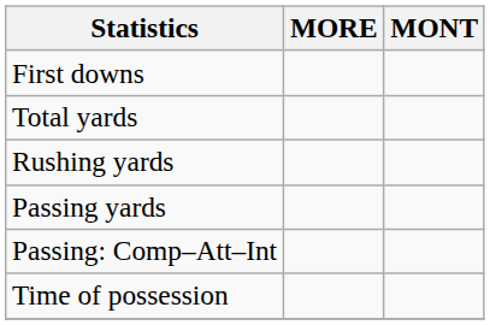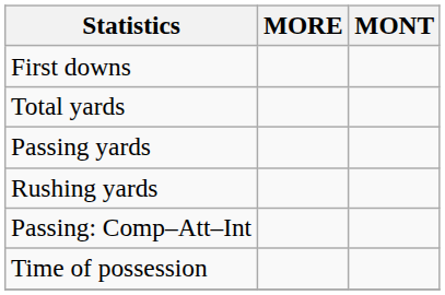 <table class="wikitable" style="float: left;">
 <tr>
 <th>Statistics</th>
 <th>MORE</th>
 <th>MONT</th>
 </tr>
 <tr>
 <td>First downs</td>
 <td></td>
 <td></td>
 </tr>
 <tr>
 <td>Total yards</td>
 <td></td>
 <td></td>
 </tr>
 <tr>
-<td>Rushing yards</td>
+<td>Passing yards</td>
 <td></td>
 <td></td>
 </tr>
 <tr>
-<td>Passing yards</td>
+<td>Rushing yards</td>
 <td></td>
 <td></td>
 </tr>
 <tr>
 <td>Passing: Comp–Att–Int</td>
 <td></td>
 <td></td>
 </tr>
 <tr>
 <td>Time of possession</td>
 <td></td>
 <td></td>
 </tr>
 <tr>
 </tr>
 </table>
